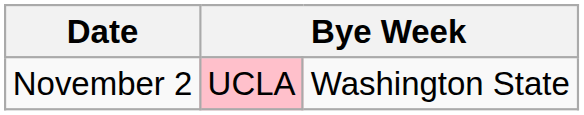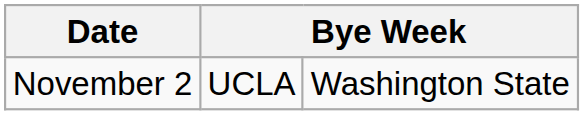 <table class="wikitable" style="font-size:95%;">
 <tr>
 <th>Date</th>
 <th colspan="2">Bye Week</th>
 </tr>
 <tr>
 <td>November 2</td>
-<td style="background: pink;">UCLA</td>
+<td>UCLA</td>
 <td>Washington State</td>
 </tr>
 </table>
